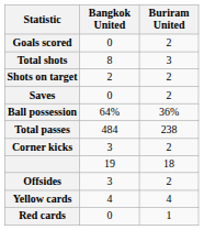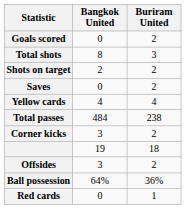 <table class="wikitable plainrowheaders" style="text-align:center">
 <tr>
 <th scope="col">Statistic</th>
 <th scope="col" style="width:80px">Bangkok United</th>
 <th scope="col" style="width:80px">Buriram United</th>
 </tr>
 <tr>
 <th scope=row>Goals scored</th>
 <td>0</td>
 <td>2</td>
 </tr>
 <tr>
 <th scope=row>Total shots</th>
 <td>8</td>
 <td>3</td>
 </tr>
 <tr>
 <th scope=row>Shots on target</th>
 <td>2</td>
 <td>2</td>
 </tr>
 <tr>
 <th scope=row>Saves</th>
 <td>0</td>
 <td>2</td>
 </tr>
 <tr>
-<th scope=row>Ball possession</th>
-<td>64%</td>
-<td>36%</td>
+<th scope=row>Yellow cards</th>
+<td>4</td>
+<td>4</td>
 </tr>
 <tr>
 <th scope=row>Total passes</th>
 <td>484</td>
 <td>238</td>
 </tr>
 <tr>
 <th scope=row>Corner kicks</th>
 <td>3</td>
 <td>2</td>
 </tr>
 <tr>
 <th scope=row></th>
 <td>19</td>
 <td>18</td>
 </tr>
 <tr>
 <th scope=row>Offsides</th>
 <td>3</td>
 <td>2</td>
 </tr>
 <tr>
-<th scope=row>Yellow cards</th>
-<td>4</td>
-<td>4</td>
+<th scope=row>Ball possession</th>
+<td>64%</td>
+<td>36%</td>
 </tr>
 <tr>
 <th scope=row>Red cards</th>
 <td>0</td>
 <td>1</td>
 </tr>
 </table>
